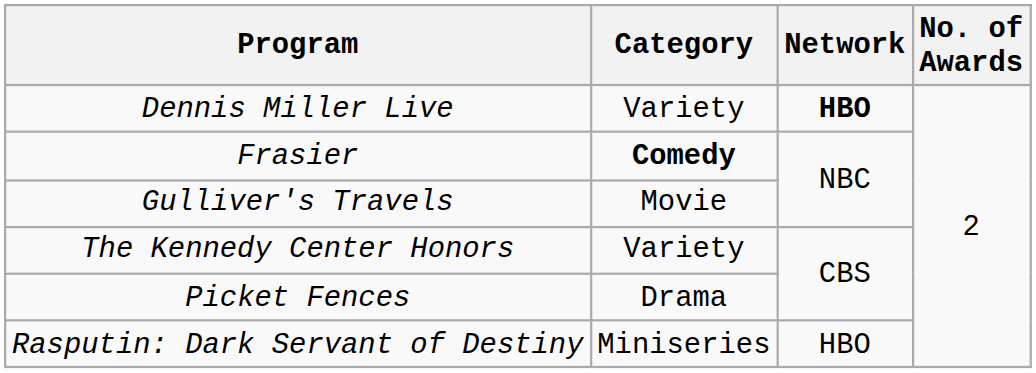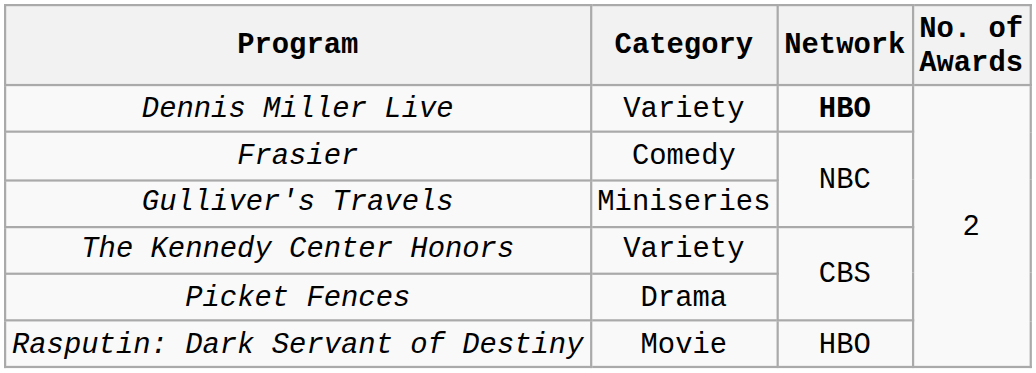 <table class="wikitable">
 <tr>
 <th>Program</th>
 <th>Category</th>
 <th>Network</th>
 <th>No. of<br>Awards</th>
 </tr>
 <tr style="text-align:center">
 <td><em>Dennis Miller Live</em></td>
 <td>Variety</td>
 <td><strong>HBO</strong></td>
 <td rowspan="6">2</td>
 </tr>
 <tr style="text-align:center">
 <td><em>Frasier</em></td>
-<td><strong>Comedy</strong></td>
+<td>Comedy</td>
 <td rowspan="2">NBC</td>
 </tr>
 <tr style="text-align:center">
 <td><em>Gulliver's Travels</em></td>
-<td>Movie</td>
+<td>Miniseries</td>
 </tr>
 <tr style="text-align:center">
 <td><em>The Kennedy Center Honors</em></td>
 <td>Variety</td>
 <td rowspan="2">CBS</td>
 </tr>
 <tr style="text-align:center">
 <td><em>Picket Fences</em></td>
 <td>Drama</td>
 </tr>
 <tr style="text-align:center">
 <td><em>Rasputin: Dark Servant of Destiny</em></td>
-<td>Miniseries</td>
+<td>Movie</td>
 <td>HBO</td>
 </tr>
 </table>
